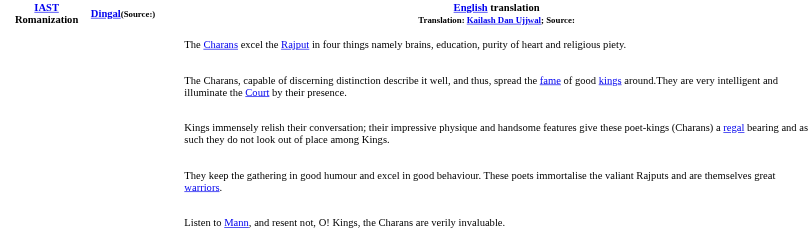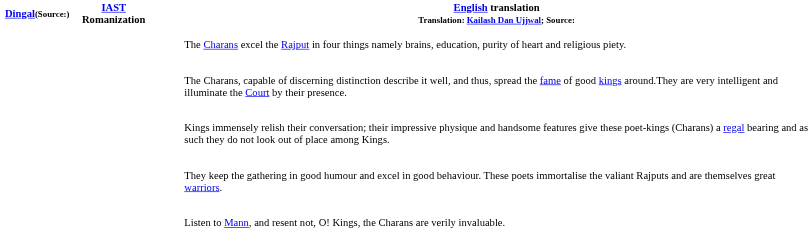 <table>
 <tr>
+<th><a href='#'>Dingal</a><small>(Source:)</small></th>
 <th><a href='#'>IAST</a> Romanization</th>
-<th><a href='#'>Dingal</a><small>(Source:)</small></th>
 <th><a href='#'>English</a> translation<br><small>Translation: <a href='#'>Kailash Dan Ujjwal</a>; Source:</small></th>
 </tr>
 <tr>
+<td></td>
 <td><blockquote></blockquote></td>
-<td></td>
 <td><blockquote>The <a href='#'>Charans</a> excel the <a href='#'>Rajput</a> in four things namely brains, education, purity of heart and religious piety. </blockquote></td>
 </tr>
 <tr>
+<td></td>
 <td><blockquote></blockquote></td>
-<td></td>
 <td><blockquote>The Charans, capable of discerning distinction describe it well, and thus, spread the <a href='#'>fame</a> of good <a href='#'>kings</a> around.They are very intelligent and illuminate the <a href='#'>Court</a> by their presence.</blockquote></td>
 </tr>
 <tr>
+<td></td>
 <td><blockquote></blockquote></td>
-<td></td>
 <td><blockquote> Kings immensely relish their conversation; their impressive physique and handsome features give these poet-kings (Charans) a <a href='#'>regal</a> bearing and as such they do not look out of place among Kings. </blockquote></td>
 </tr>
 <tr>
+<td></td>
 <td><blockquote></blockquote></td>
-<td></td>
 <td><blockquote>They keep the gathering in good humour and excel in good behaviour. These poets immortalise the valiant Rajputs and are themselves great <a href='#'>warriors</a>. </blockquote></td>
 </tr>
 <tr>
+<td></td>
 <td><blockquote></blockquote></td>
-<td></td>
 <td><blockquote>Listen to <a href='#'>Mann</a>, and resent not, O! Kings, the Charans are verily invaluable.</blockquote></td>
 </tr>
 </table>
